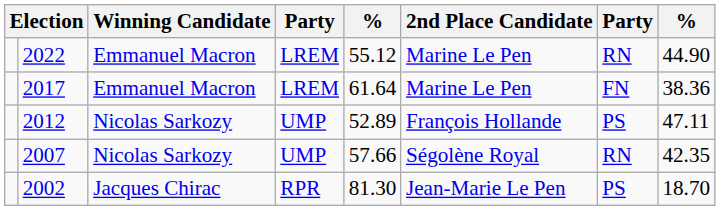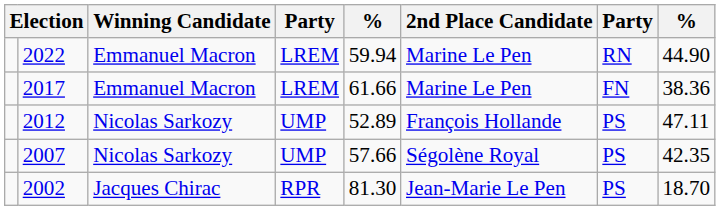 <table class="wikitable">
 <tr>
 <th colspan="2">Election</th>
 <th>Winning Candidate</th>
 <th>Party</th>
 <th>%</th>
 <th>2nd Place Candidate</th>
 <th>Party</th>
 <th>%</th>
 </tr>
 <tr>
 <td style="background-color: "></td>
 <td><a href='#'>2022</a></td>
 <td><a href='#'>Emmanuel Macron</a></td>
 <td><a href='#'>LREM</a></td>
-<td>55.12</td>
+<td>59.94</td>
 <td><a href='#'>Marine Le Pen</a></td>
 <td><a href='#'>RN</a></td>
 <td>44.90</td>
 </tr>
 <tr>
 <td style="background-color: "></td>
 <td><a href='#'>2017</a></td>
 <td><a href='#'>Emmanuel Macron</a></td>
 <td><a href='#'>LREM</a></td>
-<td>61.64</td>
+<td>61.66</td>
 <td><a href='#'>Marine Le Pen</a></td>
 <td><a href='#'>FN</a></td>
 <td>38.36</td>
 </tr>
 <tr>
 <td style="background-color: "></td>
 <td><a href='#'>2012</a></td>
 <td><a href='#'>Nicolas Sarkozy</a></td>
 <td><a href='#'>UMP</a></td>
 <td>52.89</td>
 <td><a href='#'>François Hollande</a></td>
 <td><a href='#'>PS</a></td>
 <td>47.11</td>
 </tr>
 <tr>
 <td style="background-color: "></td>
 <td><a href='#'>2007</a></td>
 <td><a href='#'>Nicolas Sarkozy</a></td>
 <td><a href='#'>UMP</a></td>
 <td>57.66</td>
 <td><a href='#'>Ségolène Royal</a></td>
-<td><a href='#'>RN</a></td>
+<td><a href='#'>PS</a></td>
 <td>42.35</td>
 </tr>
 <tr>
 <td style="background-color: "></td>
 <td><a href='#'>2002</a></td>
 <td><a href='#'>Jacques Chirac</a></td>
 <td><a href='#'>RPR</a></td>
 <td>81.30</td>
 <td><a href='#'>Jean-Marie Le Pen</a></td>
 <td><a href='#'>PS</a></td>
 <td>18.70</td>
 </tr>
 </table>
